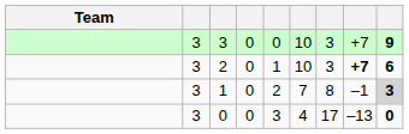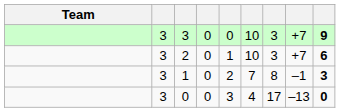 <table class="wikitable" style="text-align: center;">
 <tr>
 <th style="width:175px;">Team</th>
 <th width="20"></th>
 <th width="20"></th>
 <th width="20"></th>
 <th width="20"></th>
 <th width="20"></th>
 <th width="20"></th>
 <th></th>
 <th width="20"></th>
 </tr>
 <tr style="background:#cfc;">
 <td align=left></td>
 <td>3</td>
 <td>3</td>
 <td>0</td>
 <td>0</td>
 <td>10</td>
 <td>3</td>
 <td>+7</td>
 <td><strong>9</strong></td>
 </tr>
 <tr>
 <td align=left></td>
 <td>3</td>
 <td>2</td>
 <td>0</td>
 <td>1</td>
 <td>10</td>
 <td>3</td>
-<td><strong>+7</strong></td>
+<td>+7</td>
 <td><strong>6</strong></td>
 </tr>
 <tr>
 <td align=left></td>
 <td>3</td>
 <td>1</td>
 <td>0</td>
 <td>2</td>
 <td>7</td>
 <td>8</td>
 <td>–1</td>
-<td style="background: lightgrey;"><strong>3</strong></td>
+<td><strong>3</strong></td>
 </tr>
 <tr>
 <td align=left></td>
 <td>3</td>
 <td>0</td>
 <td>0</td>
 <td>3</td>
 <td>4</td>
 <td>17</td>
 <td>–13</td>
 <td><strong>0</strong></td>
 </tr>
 </table>
